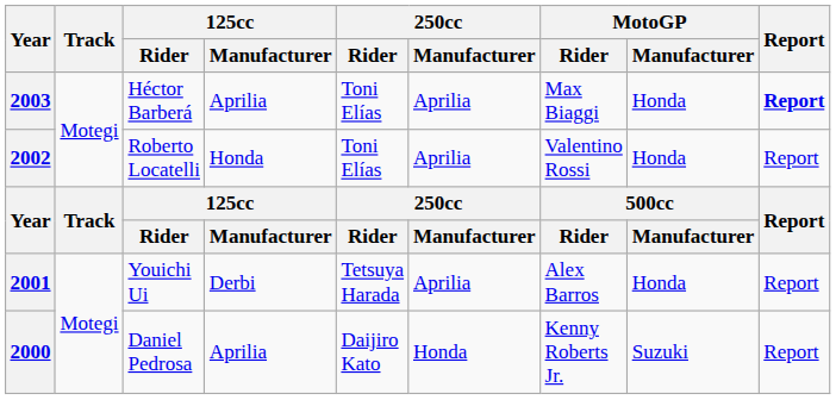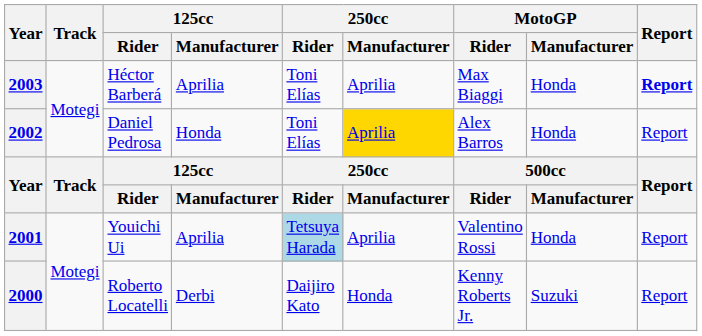 <table class="wikitable" style="font-size:95%;">
 <tr>
 <th rowspan=2>Year</th>
 <th rowspan=2>Track</th>
 <th colspan=2>125cc</th>
 <th colspan=2>250cc</th>
 <th colspan=2>MotoGP</th>
 <th rowspan=2>Report</th>
 </tr>
 <tr>
 <th>Rider</th>
 <th>Manufacturer</th>
 <th>Rider</th>
 <th>Manufacturer</th>
 <th>Rider</th>
 <th>Manufacturer</th>
 </tr>
 <tr>
 <th><a href='#'>2003</a></th>
 <td rowspan="2"><a href='#'>Motegi</a></td>
 <td> <a href='#'>Héctor Barberá</a></td>
 <td><a href='#'>Aprilia</a></td>
 <td> <a href='#'>Toni Elías</a></td>
 <td><a href='#'>Aprilia</a></td>
 <td> <a href='#'>Max Biaggi</a></td>
 <td><a href='#'>Honda</a></td>
 <td><strong><a href='#'>Report</a></strong></td>
 </tr>
 <tr>
 <th><a href='#'>2002</a></th>
-<td> <a href='#'>Roberto Locatelli</a></td>
+<td> <a href='#'>Daniel Pedrosa</a></td>
 <td><a href='#'>Honda</a></td>
 <td> <a href='#'>Toni Elías</a></td>
-<td><a href='#'>Aprilia</a></td>
-<td> <a href='#'>Valentino Rossi</a></td>
+<td style="background: gold;"><a href='#'>Aprilia</a></td>
+<td> <a href='#'>Alex Barros</a></td>
 <td><a href='#'>Honda</a></td>
 <td><a href='#'>Report</a></td>
 </tr>
 <tr>
 <th rowspan=2>Year</th>
 <th rowspan=2>Track</th>
 <th colspan=2>125cc</th>
 <th colspan=2>250cc</th>
 <th colspan=2>500cc</th>
 <th rowspan=2>Report</th>
 </tr>
 <tr>
 <th>Rider</th>
 <th>Manufacturer</th>
 <th>Rider</th>
 <th>Manufacturer</th>
 <th>Rider</th>
 <th>Manufacturer</th>
 </tr>
 <tr>
 <th><a href='#'>2001</a></th>
 <td rowspan="2"><a href='#'>Motegi</a></td>
 <td> <a href='#'>Youichi Ui</a></td>
-<td><a href='#'>Derbi</a></td>
-<td> <a href='#'>Tetsuya Harada</a></td>
 <td><a href='#'>Aprilia</a></td>
-<td> <a href='#'>Alex Barros</a></td>
+<td style="background: lightblue;"> <a href='#'>Tetsuya Harada</a></td>
+<td><a href='#'>Aprilia</a></td>
+<td> <a href='#'>Valentino Rossi</a></td>
 <td><a href='#'>Honda</a></td>
 <td><a href='#'>Report</a></td>
 </tr>
 <tr>
 <th><a href='#'>2000</a></th>
-<td> <a href='#'>Daniel Pedrosa</a></td>
-<td><a href='#'>Aprilia</a></td>
+<td> <a href='#'>Roberto Locatelli</a></td>
+<td><a href='#'>Derbi</a></td>
 <td> <a href='#'>Daijiro Kato</a></td>
 <td><a href='#'>Honda</a></td>
 <td> <a href='#'>Kenny Roberts Jr.</a></td>
 <td><a href='#'>Suzuki</a></td>
 <td><a href='#'>Report</a></td>
 </tr>
 </table>
